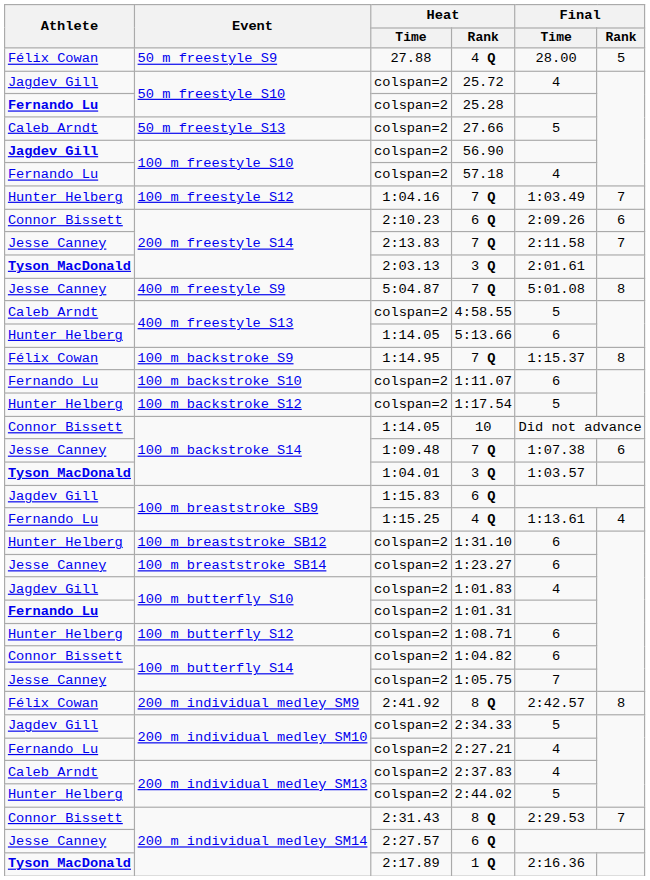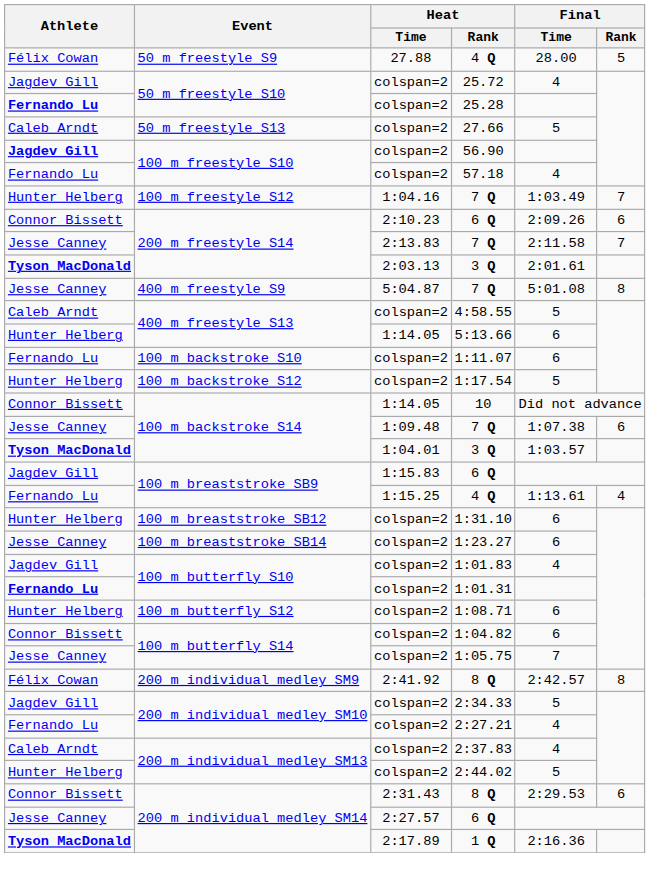 <table class=wikitable style=font-size:90%;text-align:center>
 <tr>
 <th rowspan=2>Athlete</th>
 <th rowspan=2>Event</th>
 <th colspan=2>Heat</th>
 <th colspan=2>Final</th>
 </tr>
 <tr style=font-size:95%>
 <th>Time</th>
 <th>Rank</th>
 <th>Time</th>
 <th>Rank</th>
 </tr>
 <tr align=center>
 <td align=left><a href='#'>Félix Cowan</a></td>
 <td align=left><a href='#'>50 m freestyle S9</a></td>
 <td>27.88</td>
 <td>4 <strong>Q</strong></td>
 <td>28.00</td>
 <td>5</td>
 </tr>
 <tr align=center>
 <td align=left><a href='#'>Jagdev Gill</a></td>
 <td align=left rowspan=2><a href='#'>50 m freestyle S10</a></td>
 <td>colspan=2 </td>
 <td>25.72</td>
 <td>4</td>
 </tr>
 <tr align=center>
 <td align=left><strong><a href='#'>Fernando Lu</a></strong></td>
 <td>colspan=2 </td>
 <td>25.28</td>
 <td></td>
 </tr>
 <tr align=center>
 <td align=left><a href='#'>Caleb Arndt</a></td>
 <td align=left><a href='#'>50 m freestyle S13</a></td>
 <td>colspan=2 </td>
 <td>27.66</td>
 <td>5</td>
 </tr>
 <tr align=center>
 <td align=left><strong><a href='#'>Jagdev Gill</a></strong></td>
 <td align=left rowspan=2><a href='#'>100 m freestyle S10</a></td>
 <td>colspan=2 </td>
 <td>56.90</td>
 <td></td>
 </tr>
 <tr align=center>
 <td align=left><a href='#'>Fernando Lu</a></td>
 <td>colspan=2 </td>
 <td>57.18</td>
 <td>4</td>
 </tr>
 <tr align=center>
 <td align=left><a href='#'>Hunter Helberg</a></td>
 <td align=left><a href='#'>100 m freestyle S12</a></td>
 <td>1:04.16</td>
 <td>7 <strong>Q</strong></td>
 <td>1:03.49</td>
 <td>7</td>
 </tr>
 <tr align=center>
 <td align=left><a href='#'>Connor Bissett</a></td>
 <td align=left rowspan=3><a href='#'>200 m freestyle S14</a></td>
 <td>2:10.23</td>
 <td>6 <strong>Q</strong></td>
 <td>2:09.26</td>
 <td>6</td>
 </tr>
 <tr align=center>
 <td align=left><a href='#'>Jesse Canney</a></td>
 <td>2:13.83</td>
 <td>7 <strong>Q</strong></td>
 <td>2:11.58</td>
 <td>7</td>
 </tr>
 <tr align=center>
 <td align=left><strong><a href='#'>Tyson MacDonald</a></strong></td>
 <td>2:03.13</td>
 <td>3 <strong>Q</strong></td>
 <td>2:01.61</td>
 <td></td>
 </tr>
 <tr align=center>
 <td align=left><a href='#'>Jesse Canney</a></td>
 <td align=left><a href='#'>400 m freestyle S9</a></td>
 <td>5:04.87</td>
 <td>7 <strong>Q</strong></td>
 <td>5:01.08</td>
 <td>8</td>
 </tr>
 <tr align=center>
 <td align=left><a href='#'>Caleb Arndt</a></td>
 <td align=left rowspan=2><a href='#'>400 m freestyle S13</a></td>
 <td>colspan=2 </td>
 <td>4:58.55</td>
 <td>5</td>
 </tr>
 <tr align=center>
 <td align=left><a href='#'>Hunter Helberg</a></td>
 <td>1:14.05</td>
 <td>5:13.66</td>
 <td>6</td>
-</tr>
-<tr align=center>
-<td align=left><a href='#'>Félix Cowan</a></td>
-<td align=left><a href='#'>100 m backstroke S9</a></td>
-<td>1:14.95</td>
-<td>7 <strong>Q</strong></td>
-<td>1:15.37</td>
-<td>8</td>
 </tr>
 <tr align=center>
 <td align=left><a href='#'>Fernando Lu</a></td>
 <td align=left><a href='#'>100 m backstroke S10</a></td>
 <td>colspan=2 </td>
 <td>1:11.07</td>
 <td>6</td>
 </tr>
 <tr align=center>
 <td align=left><a href='#'>Hunter Helberg</a></td>
 <td align=left><a href='#'>100 m backstroke S12</a></td>
 <td>colspan=2 </td>
 <td>1:17.54</td>
 <td>5</td>
 </tr>
 <tr align=center>
 <td align=left><a href='#'>Connor Bissett</a></td>
 <td align=left rowspan=3><a href='#'>100 m backstroke S14</a></td>
 <td>1:14.05</td>
 <td>10</td>
 <td colspan=2>Did not advance</td>
 </tr>
 <tr align=center>
 <td align=left><a href='#'>Jesse Canney</a></td>
 <td>1:09.48</td>
 <td>7 <strong>Q</strong></td>
 <td>1:07.38</td>
 <td>6</td>
 </tr>
 <tr align=center>
 <td align=left><strong><a href='#'>Tyson MacDonald</a></strong></td>
 <td>1:04.01</td>
 <td>3 <strong>Q</strong></td>
 <td>1:03.57</td>
 <td></td>
 </tr>
 <tr align=center>
 <td align=left><a href='#'>Jagdev Gill</a></td>
 <td align=left rowspan=2><a href='#'>100 m breaststroke SB9</a></td>
 <td>1:15.83</td>
 <td>6 <strong>Q</strong></td>
 <td colspan=2></td>
 </tr>
 <tr align=center>
 <td align=left><a href='#'>Fernando Lu</a></td>
 <td>1:15.25</td>
 <td>4 <strong>Q</strong></td>
 <td>1:13.61</td>
 <td>4</td>
 </tr>
 <tr align=center>
 <td align=left><a href='#'>Hunter Helberg</a></td>
 <td align=left><a href='#'>100 m breaststroke SB12</a></td>
 <td>colspan=2 </td>
 <td>1:31.10</td>
 <td>6</td>
 </tr>
 <tr align=center>
 <td align=left><a href='#'>Jesse Canney</a></td>
 <td align=left><a href='#'>100 m breaststroke SB14</a></td>
 <td>colspan=2 </td>
 <td>1:23.27</td>
 <td>6</td>
 </tr>
 <tr align=center>
 <td align=left><a href='#'>Jagdev Gill</a></td>
 <td align=left rowspan=2><a href='#'>100 m butterfly S10</a></td>
 <td>colspan=2 </td>
 <td>1:01.83</td>
 <td>4</td>
 </tr>
 <tr align=center>
 <td align=left><strong><a href='#'>Fernando Lu</a></strong></td>
 <td>colspan=2 </td>
 <td>1:01.31</td>
 <td></td>
 </tr>
 <tr align=center>
 <td align=left><a href='#'>Hunter Helberg</a></td>
 <td align=left><a href='#'>100 m butterfly S12</a></td>
 <td>colspan=2 </td>
 <td>1:08.71</td>
 <td>6</td>
 </tr>
 <tr align=center>
 <td align=left><a href='#'>Connor Bissett</a></td>
 <td align=left rowspan=2><a href='#'>100 m butterfly S14</a></td>
 <td>colspan=2 </td>
 <td>1:04.82</td>
 <td>6</td>
 </tr>
 <tr align=center>
 <td align=left><a href='#'>Jesse Canney</a></td>
 <td>colspan=2 </td>
 <td>1:05.75</td>
 <td>7</td>
 </tr>
 <tr align=center>
 <td align=left><a href='#'>Félix Cowan</a></td>
 <td align=left><a href='#'>200 m individual medley SM9</a></td>
 <td>2:41.92</td>
 <td>8 <strong>Q</strong></td>
 <td>2:42.57</td>
 <td>8</td>
 </tr>
 <tr align=center>
 <td align=left><a href='#'>Jagdev Gill</a></td>
 <td align=left rowspan=2><a href='#'>200 m individual medley SM10</a></td>
 <td>colspan=2 </td>
 <td>2:34.33</td>
 <td>5</td>
 </tr>
 <tr align=center>
 <td align=left><a href='#'>Fernando Lu</a></td>
 <td>colspan=2 </td>
 <td>2:27.21</td>
 <td>4</td>
 </tr>
 <tr align=center>
 <td align=left><a href='#'>Caleb Arndt</a></td>
 <td align=left rowspan=2><a href='#'>200 m individual medley SM13</a></td>
 <td>colspan=2 </td>
 <td>2:37.83</td>
 <td>4</td>
 </tr>
 <tr align=center>
 <td align=left><a href='#'>Hunter Helberg</a></td>
 <td>colspan=2 </td>
 <td>2:44.02</td>
 <td>5</td>
 </tr>
 <tr align=center>
 <td align=left><a href='#'>Connor Bissett</a></td>
 <td align=left rowspan=3><a href='#'>200 m individual medley SM14</a></td>
 <td>2:31.43</td>
 <td>8 <strong>Q</strong></td>
 <td>2:29.53</td>
-<td>7</td>
+<td>6</td>
 </tr>
 <tr align=center>
 <td align=left><a href='#'>Jesse Canney</a></td>
 <td>2:27.57</td>
 <td>6 <strong>Q</strong></td>
 <td colspan=2></td>
 </tr>
 <tr align=center>
 <td align=left><strong><a href='#'>Tyson MacDonald</a></strong></td>
 <td>2:17.89</td>
 <td>1 <strong>Q</strong></td>
 <td>2:16.36</td>
 <td></td>
 </tr>
 </table>
